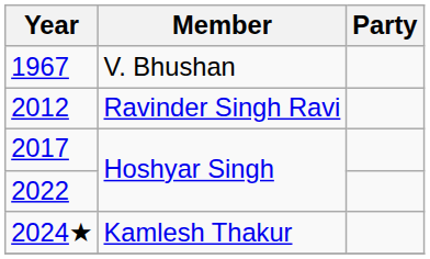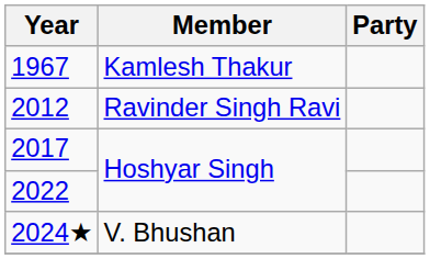 <table class="wikitable sortable">
 <tr>
 <th>Year</th>
 <th>Member</th>
 <th colspan="2">Party</th>
 </tr>
 <tr>
 <td><a href='#'>1967</a></td>
-<td>V. Bhushan</td>
+<td><a href='#'>Kamlesh Thakur</a></td>
 <td></td>
 </tr>
 <tr>
 <td><a href='#'>2012</a></td>
 <td><a href='#'>Ravinder Singh Ravi</a></td>
 <td></td>
 </tr>
 <tr>
 <td><a href='#'>2017</a></td>
 <td rowspan="2"><a href='#'>Hoshyar Singh</a></td>
 <td></td>
 </tr>
 <tr>
 <td><a href='#'>2022</a></td>
 </tr>
 <tr>
 <td><a href='#'>2024</a>★</td>
-<td><a href='#'>Kamlesh Thakur</a></td>
+<td>V. Bhushan</td>
 <td></td>
 </tr>
 <tr>
 </tr>
 </table>
